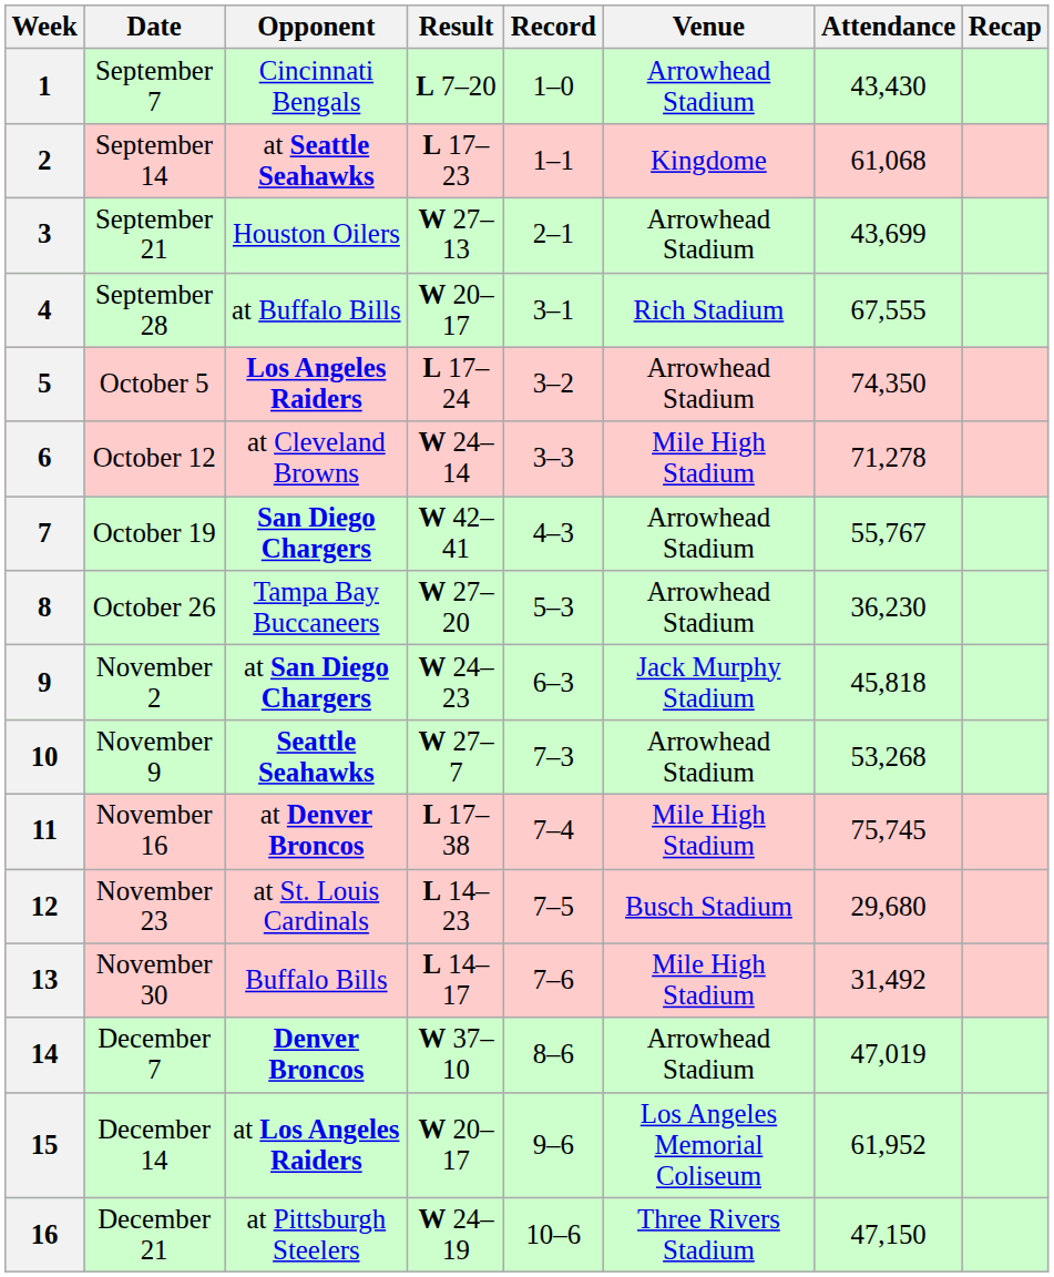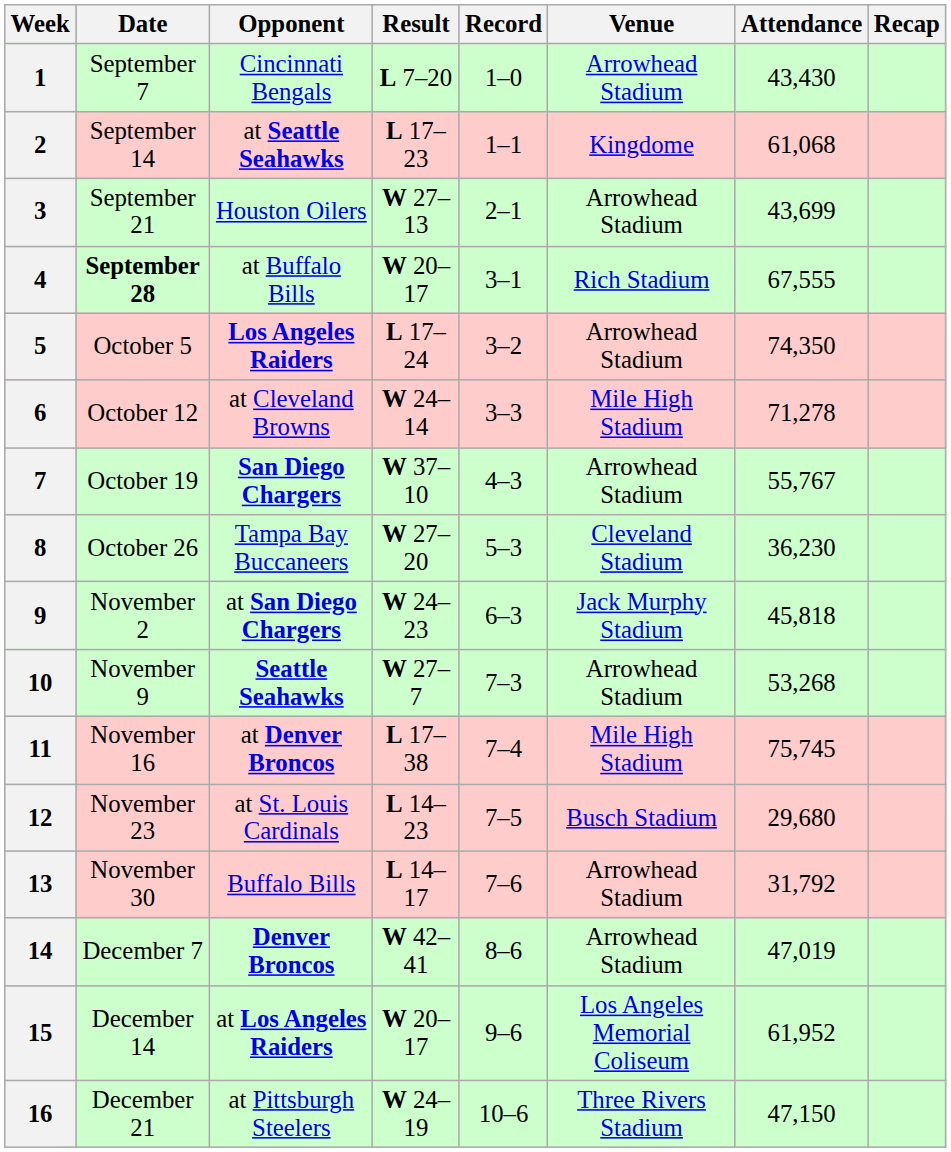 <table class="wikitable" style="text-align:center">
 <tr>
 <th>Week</th>
 <th>Date</th>
 <th>Opponent</th>
 <th>Result</th>
 <th>Record</th>
 <th>Venue</th>
 <th>Attendance</th>
 <th>Recap</th>
 </tr>
 <tr style="background:#cfc">
 <th>1</th>
 <td>September 7</td>
 <td><a href='#'>Cincinnati Bengals</a></td>
 <td><strong>L</strong> 7–20</td>
 <td>1–0</td>
 <td><a href='#'>Arrowhead Stadium</a></td>
 <td>43,430</td>
 <td></td>
 </tr>
 <tr style="background:#fcc">
 <th>2</th>
 <td>September 14</td>
 <td>at <strong><a href='#'>Seattle Seahawks</a></strong></td>
 <td><strong>L</strong> 17–23</td>
 <td>1–1</td>
 <td><a href='#'>Kingdome</a></td>
 <td>61,068</td>
 <td></td>
 </tr>
 <tr style="background:#cfc">
 <th>3</th>
 <td>September 21</td>
 <td><a href='#'>Houston Oilers</a></td>
 <td><strong>W</strong> 27–13</td>
 <td>2–1</td>
 <td>Arrowhead Stadium</td>
 <td>43,699</td>
 <td></td>
 </tr>
 <tr style="background:#cfc">
 <th>4</th>
-<td>September 28</td>
+<td><strong>September 28</strong></td>
 <td>at <a href='#'>Buffalo Bills</a></td>
 <td><strong>W</strong> 20–17</td>
 <td>3–1</td>
 <td><a href='#'>Rich Stadium</a></td>
 <td>67,555</td>
 <td></td>
 </tr>
 <tr style="background:#fcc">
 <th>5</th>
 <td>October 5</td>
 <td><strong><a href='#'>Los Angeles Raiders</a></strong></td>
 <td><strong>L</strong> 17–24</td>
 <td>3–2</td>
 <td>Arrowhead Stadium</td>
 <td>74,350</td>
 <td></td>
 </tr>
 <tr style="background:#fcc">
 <th>6</th>
 <td>October 12</td>
 <td>at <a href='#'>Cleveland Browns</a></td>
 <td><strong>W</strong> 24–14</td>
 <td>3–3</td>
 <td><a href='#'>Mile High Stadium</a></td>
 <td>71,278</td>
 <td></td>
 </tr>
 <tr style="background:#cfc">
 <th>7</th>
 <td>October 19</td>
 <td><strong><a href='#'>San Diego Chargers</a></strong></td>
-<td><strong>W</strong> 42–41</td>
+<td><strong>W</strong> 37–10</td>
 <td>4–3</td>
 <td>Arrowhead Stadium</td>
 <td>55,767</td>
 <td></td>
 </tr>
 <tr style="background:#cfc">
 <th>8</th>
 <td>October 26</td>
 <td><a href='#'>Tampa Bay Buccaneers</a></td>
 <td><strong>W</strong> 27–20</td>
 <td>5–3</td>
-<td>Arrowhead Stadium</td>
+<td><a href='#'>Cleveland Stadium</a></td>
 <td>36,230</td>
 <td></td>
 </tr>
 <tr style="background:#cfc">
 <th>9</th>
 <td>November 2</td>
 <td>at <strong><a href='#'>San Diego Chargers</a></strong></td>
 <td><strong>W</strong> 24–23</td>
 <td>6–3</td>
 <td><a href='#'>Jack Murphy Stadium</a></td>
 <td>45,818</td>
 <td></td>
 </tr>
 <tr style="background:#cfc">
 <th>10</th>
 <td>November 9</td>
 <td><strong><a href='#'>Seattle Seahawks</a></strong></td>
 <td><strong>W</strong> 27–7</td>
 <td>7–3</td>
 <td>Arrowhead Stadium</td>
 <td>53,268</td>
 <td></td>
 </tr>
 <tr style="background:#fcc">
 <th>11</th>
 <td>November 16</td>
 <td>at <strong><a href='#'>Denver Broncos</a></strong></td>
 <td><strong>L</strong> 17–38</td>
 <td>7–4</td>
 <td><a href='#'>Mile High Stadium</a></td>
 <td>75,745</td>
 <td></td>
 </tr>
 <tr style="background:#fcc">
 <th>12</th>
 <td>November 23</td>
 <td>at <a href='#'>St. Louis Cardinals</a></td>
 <td><strong>L</strong> 14–23</td>
 <td>7–5</td>
 <td><a href='#'>Busch Stadium</a></td>
 <td>29,680</td>
 <td></td>
 </tr>
 <tr style="background:#fcc">
 <th>13</th>
 <td>November 30</td>
 <td><a href='#'>Buffalo Bills</a></td>
 <td><strong>L</strong> 14–17</td>
 <td>7–6</td>
-<td><a href='#'>Mile High Stadium</a></td>
-<td>31,492</td>
+<td>Arrowhead Stadium</td>
+<td>31,792</td>
 <td></td>
 </tr>
 <tr style="background:#cfc">
 <th>14</th>
 <td>December 7</td>
 <td><strong><a href='#'>Denver Broncos</a></strong></td>
-<td><strong>W</strong> 37–10</td>
+<td><strong>W</strong> 42–41</td>
 <td>8–6</td>
 <td>Arrowhead Stadium</td>
 <td>47,019</td>
 <td></td>
 </tr>
 <tr style="background:#cfc">
 <th>15</th>
 <td>December 14</td>
 <td>at <strong><a href='#'>Los Angeles Raiders</a></strong></td>
 <td><strong>W</strong> 20–17</td>
 <td>9–6</td>
 <td><a href='#'>Los Angeles Memorial Coliseum</a></td>
 <td>61,952</td>
 <td></td>
 </tr>
 <tr style="background:#cfc">
 <th>16</th>
 <td>December 21</td>
 <td>at <a href='#'>Pittsburgh Steelers</a></td>
 <td><strong>W</strong> 24–19</td>
 <td>10–6</td>
 <td><a href='#'>Three Rivers Stadium</a></td>
 <td>47,150</td>
 <td></td>
 </tr>
 </table>
